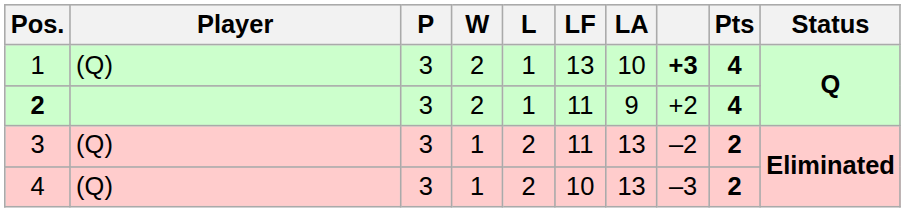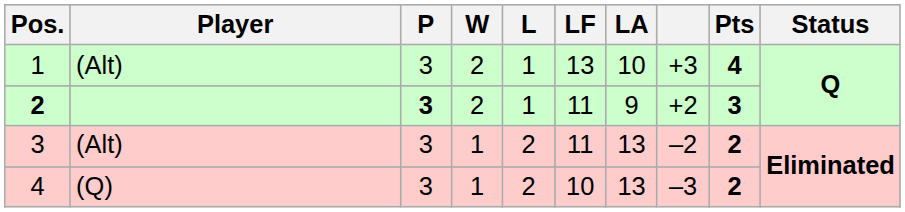 <table class="wikitable" style="text-align:center; margin: 1em auto 1em auto, align:left">
 <tr>
 <th width=25>Pos.</th>
 <th width=200>Player</th>
 <th width=25>P</th>
 <th width=25>W</th>
 <th width=25>L</th>
 <th width=25>LF</th>
 <th width=25>LA</th>
 <th width=25></th>
 <th width=25>Pts</th>
 <th width=75>Status</th>
 </tr>
 <tr style="background:#CCFFCC;">
 <td>1</td>
-<td align=left> (Q)</td>
+<td align=left> (Alt)</td>
 <td>3</td>
 <td>2</td>
 <td>1</td>
 <td>13</td>
 <td>10</td>
-<td><strong>+3</strong></td>
+<td>+3</td>
 <td><strong>4</strong></td>
 <td rowspan=2><strong>Q</strong></td>
 </tr>
 <tr style="background:#CCFFCC;">
 <td><strong>2</strong></td>
 <td align=left></td>
-<td>3</td>
+<td><strong>3</strong></td>
 <td>2</td>
 <td>1</td>
 <td>11</td>
 <td>9</td>
 <td>+2</td>
-<td><strong>4</strong></td>
+<td><strong>3</strong></td>
 </tr>
 <tr style="background:#FFCCCC;">
 <td>3</td>
-<td align=left> (Q)</td>
+<td align=left> (Alt)</td>
 <td>3</td>
 <td>1</td>
 <td>2</td>
 <td>11</td>
 <td>13</td>
 <td>–2</td>
 <td><strong>2</strong></td>
 <td rowspan=2><strong>Eliminated</strong></td>
 </tr>
 <tr style="background:#FFCCCC;">
 <td>4</td>
 <td align=left> (Q)</td>
 <td>3</td>
 <td>1</td>
 <td>2</td>
 <td>10</td>
 <td>13</td>
 <td>–3</td>
 <td><strong>2</strong></td>
 </tr>
 </table>
